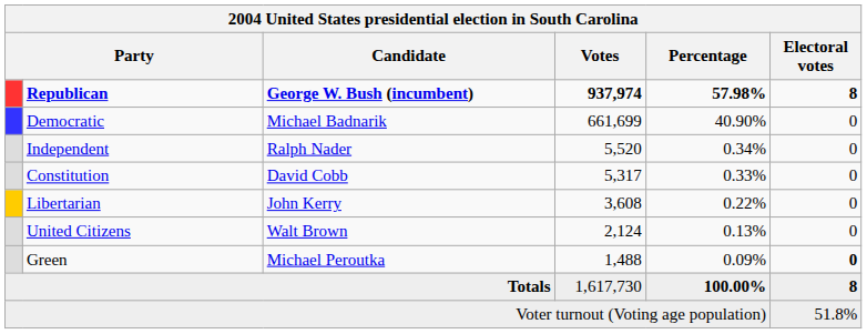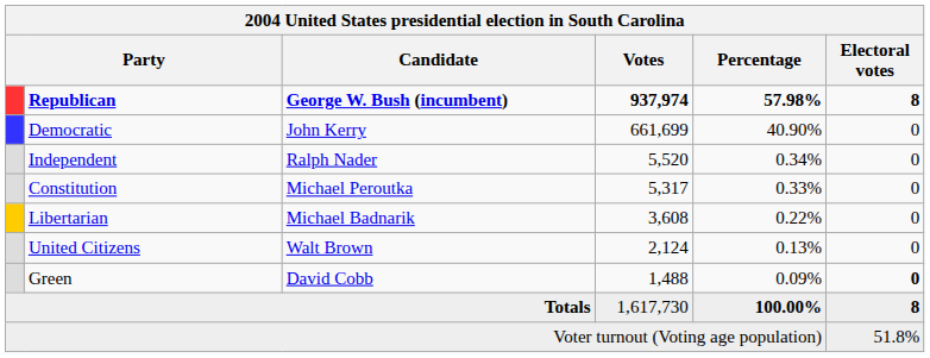 <table class="wikitable" style="font-size: 95%;">
 <tr>
 <th colspan="6">2004 United States presidential election in South Carolina</th>
 </tr>
 <tr>
 <th colspan="2" style="width: 15em">Party</th>
 <th style="width: 17em">Candidate</th>
 <th style="width: 5em">Votes</th>
 <th style="width: 7em">Percentage</th>
 <th style="width: 5em">Electoral votes</th>
 </tr>
 <tr>
 <th style="background:#f33; width:3px;"></th>
 <td style="width: 130px"><strong><a href='#'>Republican</a></strong></td>
 <td><strong><a href='#'>George W. Bush</a> (<a href='#'>incumbent</a>)</strong></td>
 <td style="text-align:right;"><strong>937,974</strong></td>
 <td style="text-align:right;"><strong>57.98%</strong></td>
 <td style="text-align:right;"><strong>8</strong></td>
 </tr>
 <tr>
 <th style="background:#33f; width:3px;"></th>
 <td style="width: 130px"><a href='#'>Democratic</a></td>
-<td><a href='#'>Michael Badnarik</a></td>
+<td><a href='#'>John Kerry</a></td>
 <td style="text-align:right;">661,699</td>
 <td style="text-align:right;">40.90%</td>
 <td style="text-align:right;">0</td>
 </tr>
 <tr>
 <th style="background:#ddd; width:3px;"></th>
 <td style="width: 130px"><a href='#'>Independent</a></td>
 <td><a href='#'>Ralph Nader</a></td>
 <td style="text-align:right;">5,520</td>
 <td style="text-align:right;">0.34%</td>
 <td style="text-align:right;">0</td>
 </tr>
 <tr>
 <th style="background:#ddd; width:3px;"></th>
 <td style="width: 130px"><a href='#'>Constitution</a></td>
-<td><a href='#'>David Cobb</a></td>
+<td><a href='#'>Michael Peroutka</a></td>
 <td style="text-align:right;">5,317</td>
 <td style="text-align:right;">0.33%</td>
 <td style="text-align:right;">0</td>
 </tr>
 <tr>
 <th style="background:#fc0; width:3px;"></th>
 <td style="width: 130px"><a href='#'>Libertarian</a></td>
-<td><a href='#'>John Kerry</a></td>
+<td><a href='#'>Michael Badnarik</a></td>
 <td style="text-align:right;">3,608</td>
 <td style="text-align:right;">0.22%</td>
 <td style="text-align:right;">0</td>
 </tr>
 <tr>
 <th style="background:#ddd; width:3px;"></th>
 <td style="width: 130px"><a href='#'>United Citizens</a></td>
 <td><a href='#'>Walt Brown</a></td>
 <td style="text-align:right;">2,124</td>
 <td style="text-align:right;">0.13%</td>
 <td style="text-align:right;">0</td>
 </tr>
 <tr>
 <th style="background:#ddd; width:3px;"></th>
 <td style="width: 130px">Green</td>
-<td><a href='#'>Michael Peroutka</a></td>
+<td><a href='#'>David Cobb</a></td>
 <td style="text-align:right;">1,488</td>
 <td style="text-align:right;">0.09%</td>
 <td style="text-align:right;"><strong>0</strong></td>
 </tr>
 <tr style="background:#eee; text-align:right;">
 <td colspan="3"><strong>Totals</strong></td>
 <td>1,617,730</td>
 <td><strong>100.00%</strong></td>
 <td><strong>8</strong></td>
 </tr>
 <tr style="background:#eee; text-align:right;">
 <td colspan="5">Voter turnout (Voting age population)</td>
 <td>51.8%</td>
 </tr>
 </table>
